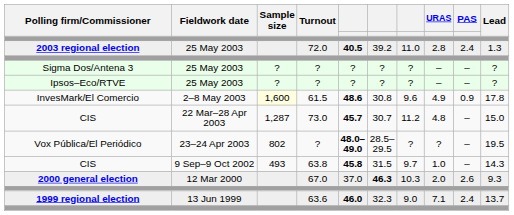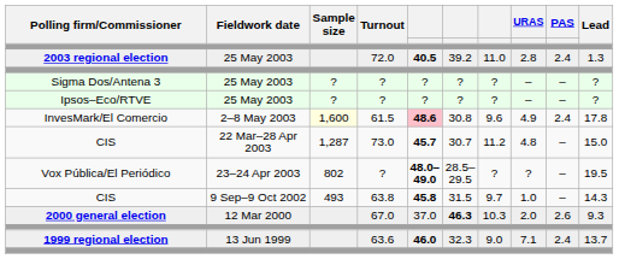 <table class="wikitable collapsible collapsed" style="text-align:center; font-size:95%; line-height:16px;">
 <tr style="height:42px;">
 <th style="width:250px;" rowspan="2">Polling firm/Commissioner</th>
 <th style="width:125px;" rowspan="2">Fieldwork date</th>
 <th style="width:50px;" rowspan="2">Sample size</th>
 <th style="width:45px;" rowspan="2">Turnout</th>
 <th style="width:35px;"></th>
 <th style="width:35px;"></th>
 <th style="width:35px;"></th>
 <th style="width:35px; font-size:90%;"><a href='#'>URAS</a></th>
 <th style="width:35px;"><a href='#'>PAS</a></th>
 <th style="width:30px;" rowspan="2">Lead</th>
 </tr>
 <tr>
 <th style="color:inherit;background:"></th>
 <th style="color:inherit;background:"></th>
 <th style="color:inherit;background:"></th>
 <th style="color:inherit;background:"></th>
 <th style="color:inherit;background:"></th>
 </tr>
 <tr>
 <td colspan="10" style="background:#A0A0A0"></td>
 </tr>
 <tr style="background:#EFEFEF;">
 <td><strong><a href='#'>2003 regional election</a></strong></td>
 <td>25 May 2003</td>
 <td></td>
 <td>72.0</td>
 <td><strong>40.5</strong><br></td>
 <td>39.2<br></td>
 <td>11.0<br></td>
 <td>2.8<br></td>
 <td>2.4<br></td>
 <td style="background:">1.3</td>
 </tr>
 <tr>
 <td colspan="10" style="background:#A0A0A0"></td>
 </tr>
 <tr style="background:#EAFFEA;">
 <td>Sigma Dos/Antena 3</td>
 <td>25 May 2003</td>
 <td>?</td>
 <td>?</td>
 <td>?<br></td>
 <td>?<br></td>
 <td>?<br></td>
 <td>–</td>
 <td>–</td>
 <td style="background:">?</td>
 </tr>
 <tr style="background:#EAFFEA;">
 <td>Ipsos–Eco/RTVE</td>
 <td>25 May 2003</td>
 <td>?</td>
 <td>?</td>
 <td>?<br></td>
 <td>?<br></td>
 <td>?<br></td>
 <td>–</td>
 <td>–</td>
 <td style="background:">?</td>
 </tr>
 <tr>
 <td>InvesMark/El Comercio</td>
 <td>2–8 May 2003</td>
 <td style="background: lightyellow;">1,600</td>
 <td>61.5</td>
-<td><strong>48.6</strong><br></td>
+<td style="background: pink;"><strong>48.6</strong><br></td>
 <td>30.8<br></td>
 <td>9.6<br></td>
 <td>4.9<br></td>
-<td>0.9</td>
+<td>2.4<br></td>
 <td style="background:">17.8</td>
 </tr>
 <tr>
 <td>CIS</td>
 <td>22 Mar–28 Apr 2003</td>
 <td>1,287</td>
 <td>73.0</td>
 <td><strong>45.7</strong><br></td>
 <td>30.7<br></td>
 <td>11.2<br></td>
 <td>4.8<br></td>
 <td>–</td>
 <td style="background:">15.0</td>
 </tr>
 <tr>
 <td>Vox Pública/El Periódico</td>
 <td>23–24 Apr 2003</td>
 <td>802</td>
 <td>?</td>
 <td><strong>48.0–<br>49.0</strong><br></td>
 <td>28.5–<br>29.5<br></td>
 <td>?<br></td>
 <td>?<br></td>
 <td>–</td>
 <td style="background:">19.5</td>
 </tr>
 <tr>
 <td>CIS</td>
 <td>9 Sep–9 Oct 2002</td>
 <td>493</td>
 <td>63.8</td>
 <td><strong>45.8</strong></td>
 <td>31.5</td>
 <td>9.7</td>
 <td>1.0</td>
 <td>–</td>
 <td style="background:">14.3</td>
 </tr>
 <tr style="background:#EFEFEF;">
 <td><strong><a href='#'>2000 general election</a></strong></td>
 <td>12 Mar 2000</td>
 <td></td>
 <td>67.0</td>
 <td>37.0</td>
 <td><strong>46.3</strong></td>
 <td>10.3</td>
 <td>2.0</td>
 <td>2.6<br></td>
 <td style="background:">9.3</td>
 </tr>
 <tr>
 <td colspan="10" style="background:#A0A0A0"></td>
 </tr>
 <tr style="background:#EFEFEF;">
 <td><strong><a href='#'>1999 regional election</a></strong></td>
 <td>13 Jun 1999</td>
 <td></td>
 <td>63.6</td>
 <td><strong>46.0</strong><br></td>
 <td>32.3<br></td>
 <td>9.0<br></td>
 <td>7.1<br></td>
 <td>2.4<br></td>
 <td style="background:">13.7</td>
 </tr>
 <tr>
 <td colspan="10" style="background:#A0A0A0"></td>
 </tr>
 </table>
